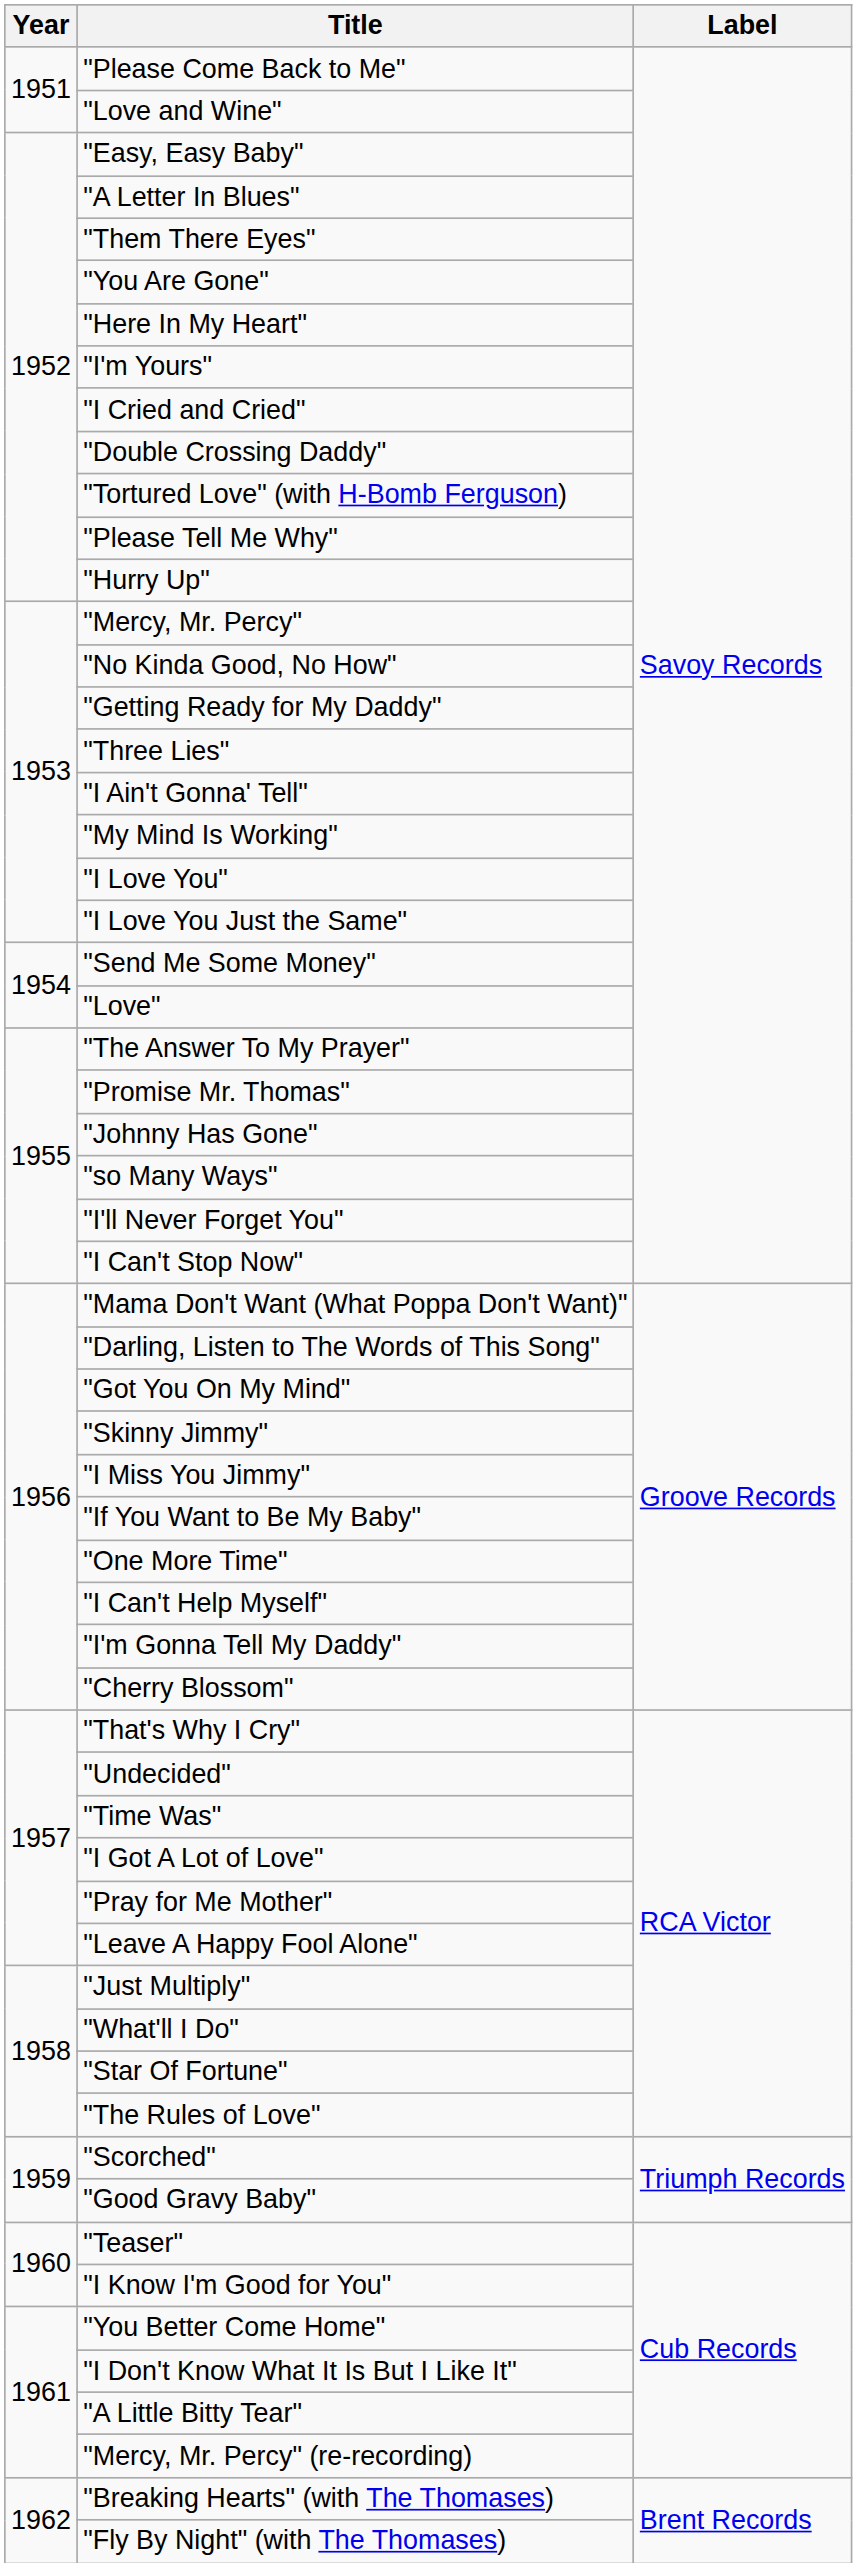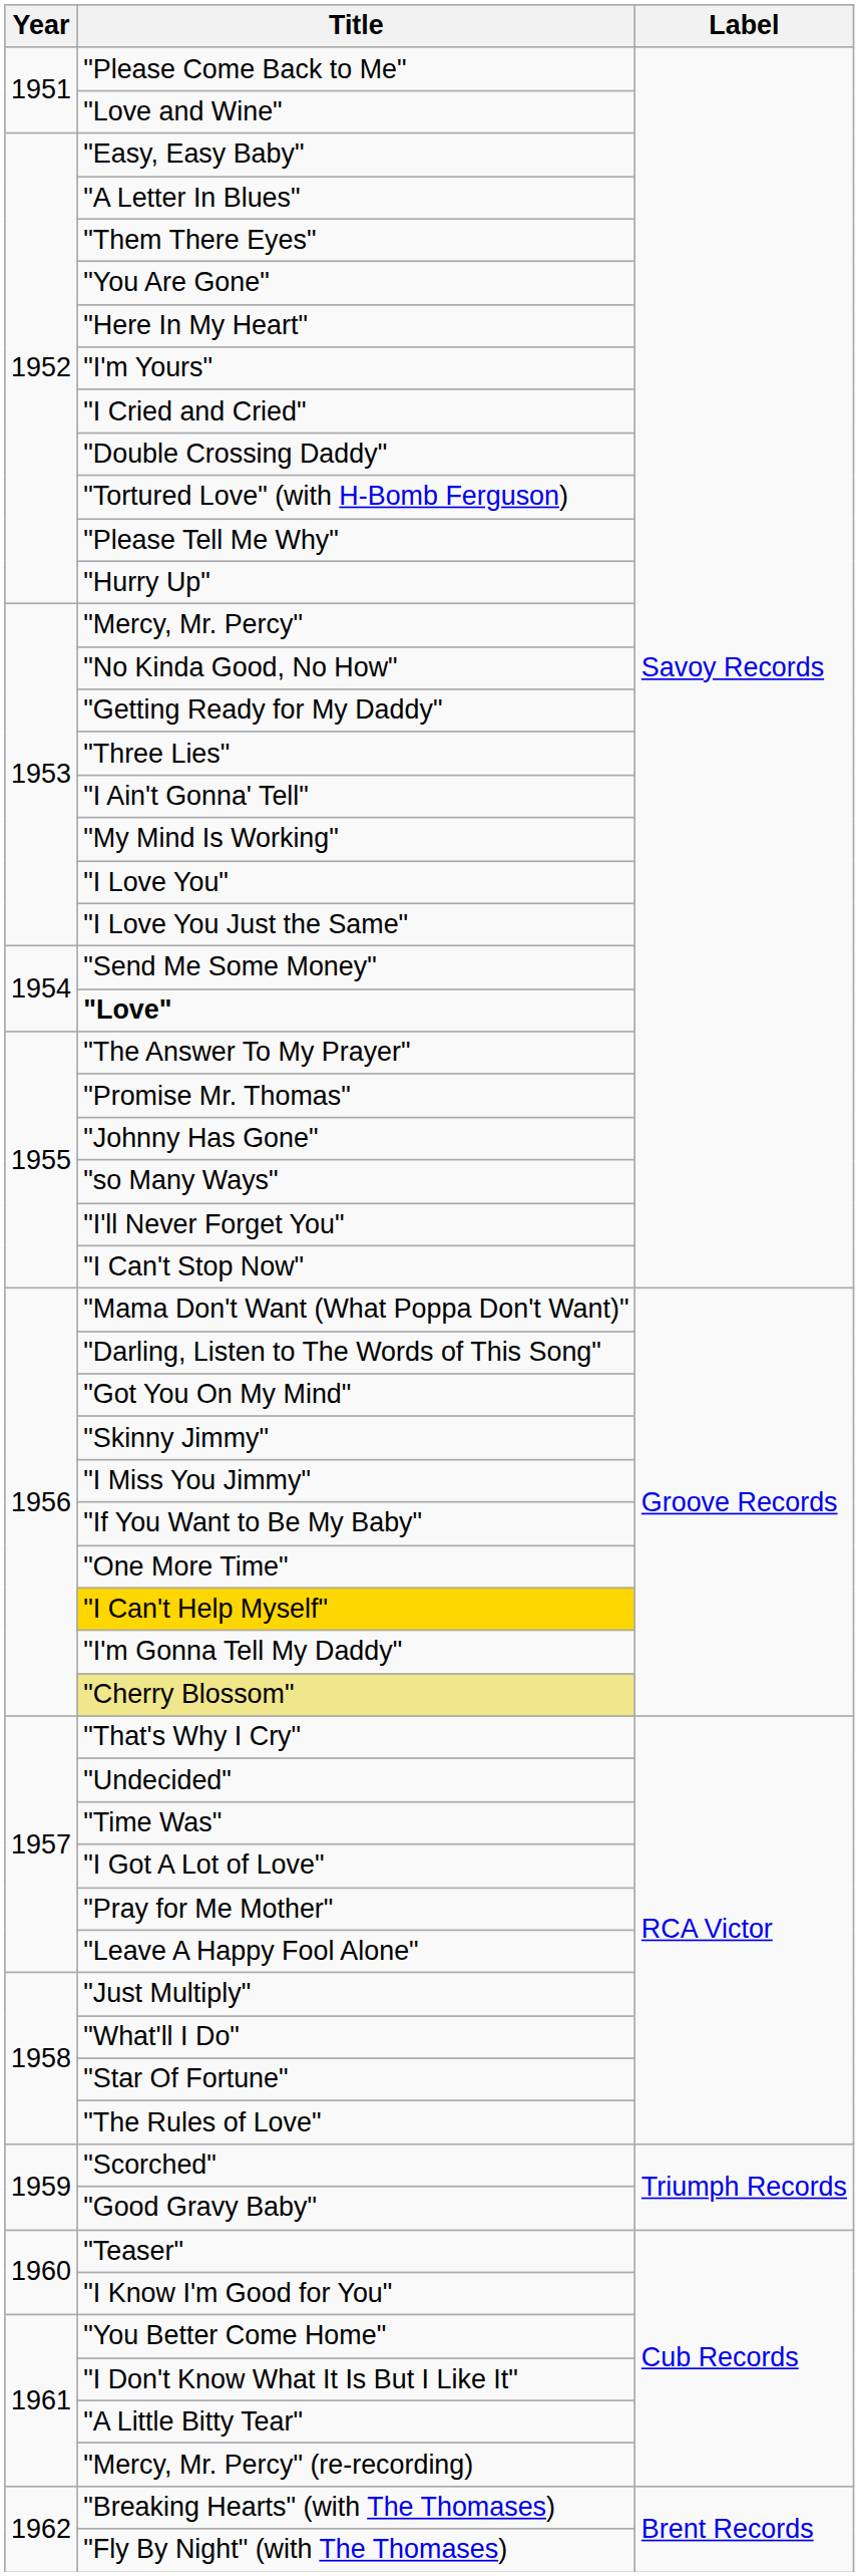 <table class="wikitable">
 <tr>
 <th>Year</th>
 <th>Title</th>
 <th>Label</th>
 </tr>
 <tr>
 <td rowspan="2">1951</td>
 <td>"Please Come Back to Me"</td>
 <td rowspan="29"><a href='#'>Savoy Records</a></td>
 </tr>
 <tr>
 <td>"Love and Wine"</td>
 </tr>
 <tr>
 <td rowspan="11">1952</td>
 <td>"Easy, Easy Baby"</td>
 </tr>
 <tr>
 <td>"A Letter In Blues"</td>
 </tr>
 <tr>
 <td>"Them There Eyes"</td>
 </tr>
 <tr>
 <td>"You Are Gone"</td>
 </tr>
 <tr>
 <td>"Here In My Heart"</td>
 </tr>
 <tr>
 <td>"I'm Yours"</td>
 </tr>
 <tr>
 <td>"I Cried and Cried"</td>
 </tr>
 <tr>
 <td>"Double Crossing Daddy"</td>
 </tr>
 <tr>
 <td>"Tortured Love" (with <a href='#'>H-Bomb Ferguson</a>)</td>
 </tr>
 <tr>
 <td>"Please Tell Me Why"</td>
 </tr>
 <tr>
 <td>"Hurry Up"</td>
 </tr>
 <tr>
 <td rowspan="8">1953</td>
 <td>"Mercy, Mr. Percy"</td>
 </tr>
 <tr>
 <td>"No Kinda Good, No How"</td>
 </tr>
 <tr>
 <td>"Getting Ready for My Daddy"</td>
 </tr>
 <tr>
 <td>"Three Lies"</td>
 </tr>
 <tr>
 <td>"I Ain't Gonna' Tell"</td>
 </tr>
 <tr>
 <td>"My Mind Is Working"</td>
 </tr>
 <tr>
 <td>"I Love You"</td>
 </tr>
 <tr>
 <td>"I Love You Just the Same"</td>
 </tr>
 <tr>
 <td rowspan="2">1954</td>
 <td>"Send Me Some Money"</td>
 </tr>
 <tr>
-<td>"Love"</td>
+<td><strong>"Love"</strong></td>
 </tr>
 <tr>
 <td rowspan="6">1955</td>
 <td>"The Answer To My Prayer"</td>
 </tr>
 <tr>
 <td>"Promise Mr. Thomas"</td>
 </tr>
 <tr>
 <td>"Johnny Has Gone"</td>
 </tr>
 <tr>
 <td>"so Many Ways"</td>
 </tr>
 <tr>
 <td>"I'll Never Forget You"</td>
 </tr>
 <tr>
 <td>"I Can't Stop Now"</td>
 </tr>
 <tr>
 <td rowspan="10">1956</td>
 <td>"Mama Don't Want (What Poppa Don't Want)"</td>
 <td rowspan="10"><a href='#'>Groove Records</a></td>
 </tr>
 <tr>
 <td>"Darling, Listen to The Words of This Song"</td>
 </tr>
 <tr>
 <td>"Got You On My Mind"</td>
 </tr>
 <tr>
 <td>"Skinny Jimmy"</td>
 </tr>
 <tr>
 <td>"I Miss You Jimmy"</td>
 </tr>
 <tr>
 <td>"If You Want to Be My Baby"</td>
 </tr>
 <tr>
 <td>"One More Time"</td>
 </tr>
 <tr>
-<td>"I Can't Help Myself"</td>
+<td style="background: gold;">"I Can't Help Myself"</td>
 </tr>
 <tr>
 <td>"I'm Gonna Tell My Daddy"</td>
 </tr>
 <tr>
-<td>"Cherry Blossom"</td>
+<td style="background: khaki;">"Cherry Blossom"</td>
 </tr>
 <tr>
 <td rowspan="6">1957</td>
 <td>"That's Why I Cry"</td>
 <td rowspan="10"><a href='#'>RCA Victor</a></td>
 </tr>
 <tr>
 <td>"Undecided"</td>
 </tr>
 <tr>
 <td>"Time Was"</td>
 </tr>
 <tr>
 <td>"I Got A Lot of Love"</td>
 </tr>
 <tr>
 <td>"Pray for Me Mother"</td>
 </tr>
 <tr>
 <td>"Leave A Happy Fool Alone"</td>
 </tr>
 <tr>
 <td rowspan="4">1958</td>
 <td>"Just Multiply"</td>
 </tr>
 <tr>
 <td>"What'll I Do"</td>
 </tr>
 <tr>
 <td>"Star Of Fortune"</td>
 </tr>
 <tr>
 <td>"The Rules of Love"</td>
 </tr>
 <tr>
 <td rowspan="2">1959</td>
 <td>"Scorched"</td>
 <td rowspan="2"><a href='#'>Triumph Records</a></td>
 </tr>
 <tr>
 <td>"Good Gravy Baby"</td>
 </tr>
 <tr>
 <td rowspan="2">1960</td>
 <td>"Teaser"</td>
 <td rowspan="6"><a href='#'>Cub Records</a></td>
 </tr>
 <tr>
 <td>"I Know I'm Good for You"</td>
 </tr>
 <tr>
 <td rowspan="4">1961</td>
 <td>"You Better Come Home"</td>
 </tr>
 <tr>
 <td>"I Don't Know What It Is But I Like It"</td>
 </tr>
 <tr>
 <td>"A Little Bitty Tear"</td>
 </tr>
 <tr>
 <td>"Mercy, Mr. Percy" (re-recording)</td>
 </tr>
 <tr>
 <td rowspan="2">1962</td>
 <td>"Breaking Hearts" (with <a href='#'>The Thomases</a>)</td>
 <td rowspan="2"><a href='#'>Brent Records</a></td>
 </tr>
 <tr>
 <td>"Fly By Night" (with <a href='#'>The Thomases</a>)</td>
 </tr>
 </table>
